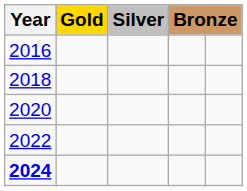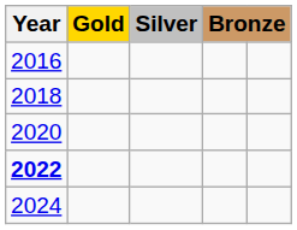 <table class=wikitable style="font-size:90%;">
 <tr>
 <th>Year</th>
 <th style="background-color: gold">Gold</th>
 <th style="background-color: silver">Silver</th>
 <th style="background-color: #cc9966" colspan="2">Bronze</th>
 </tr>
 <tr>
 <td><a href='#'>2016</a></td>
 <td></td>
 <td></td>
 <td></td>
 <td></td>
 </tr>
 <tr>
 <td><a href='#'>2018</a></td>
 <td></td>
 <td></td>
 <td></td>
 <td></td>
 </tr>
 <tr>
 <td><a href='#'>2020</a></td>
 <td></td>
 <td></td>
 <td></td>
 <td></td>
 </tr>
 <tr>
-<td><a href='#'>2022</a></td>
+<td><strong><a href='#'>2022</a></strong></td>
 <td></td>
 <td></td>
 <td></td>
 <td></td>
 </tr>
 <tr>
-<td><strong><a href='#'>2024</a></strong></td>
+<td><a href='#'>2024</a></td>
 <td></td>
 <td></td>
 <td></td>
 <td></td>
 </tr>
 </table>
